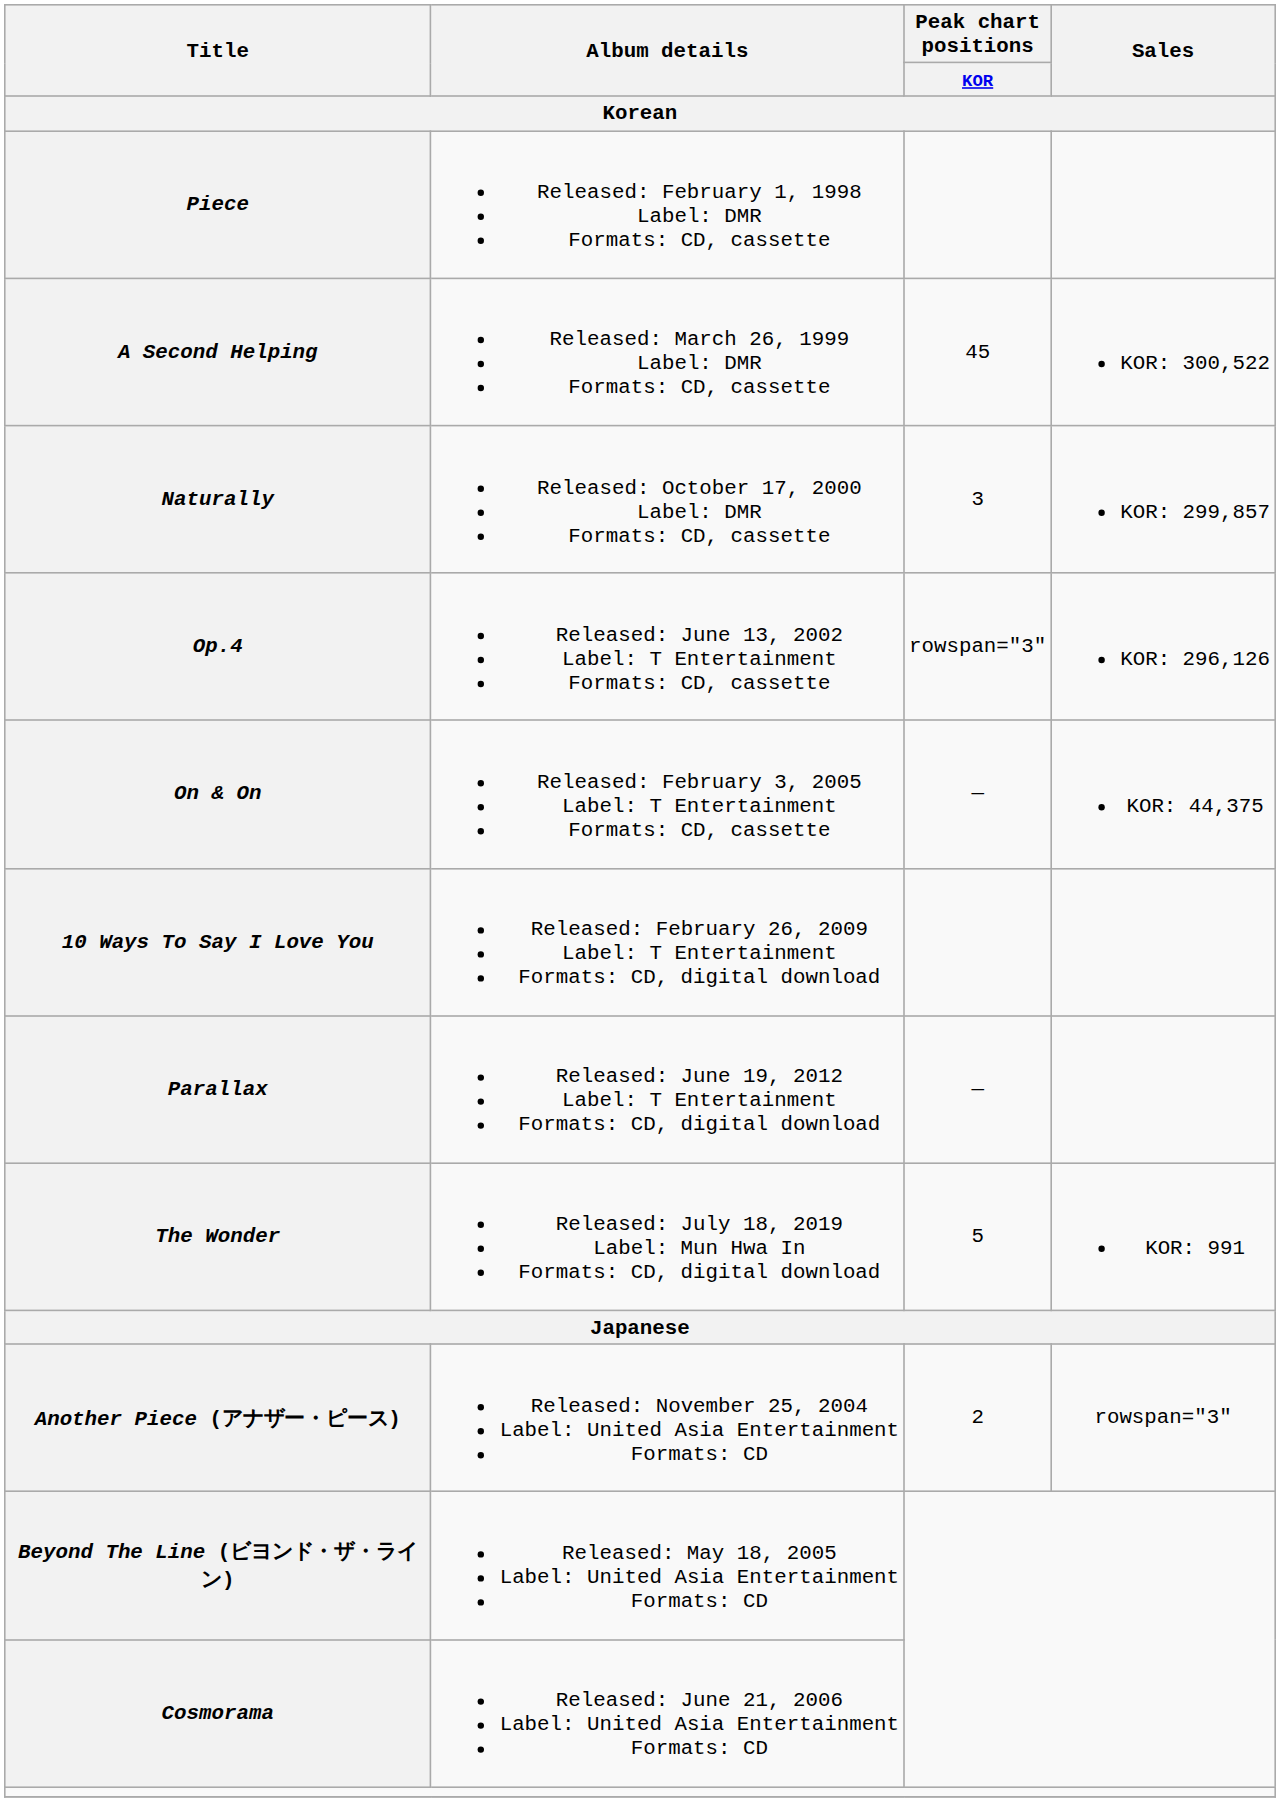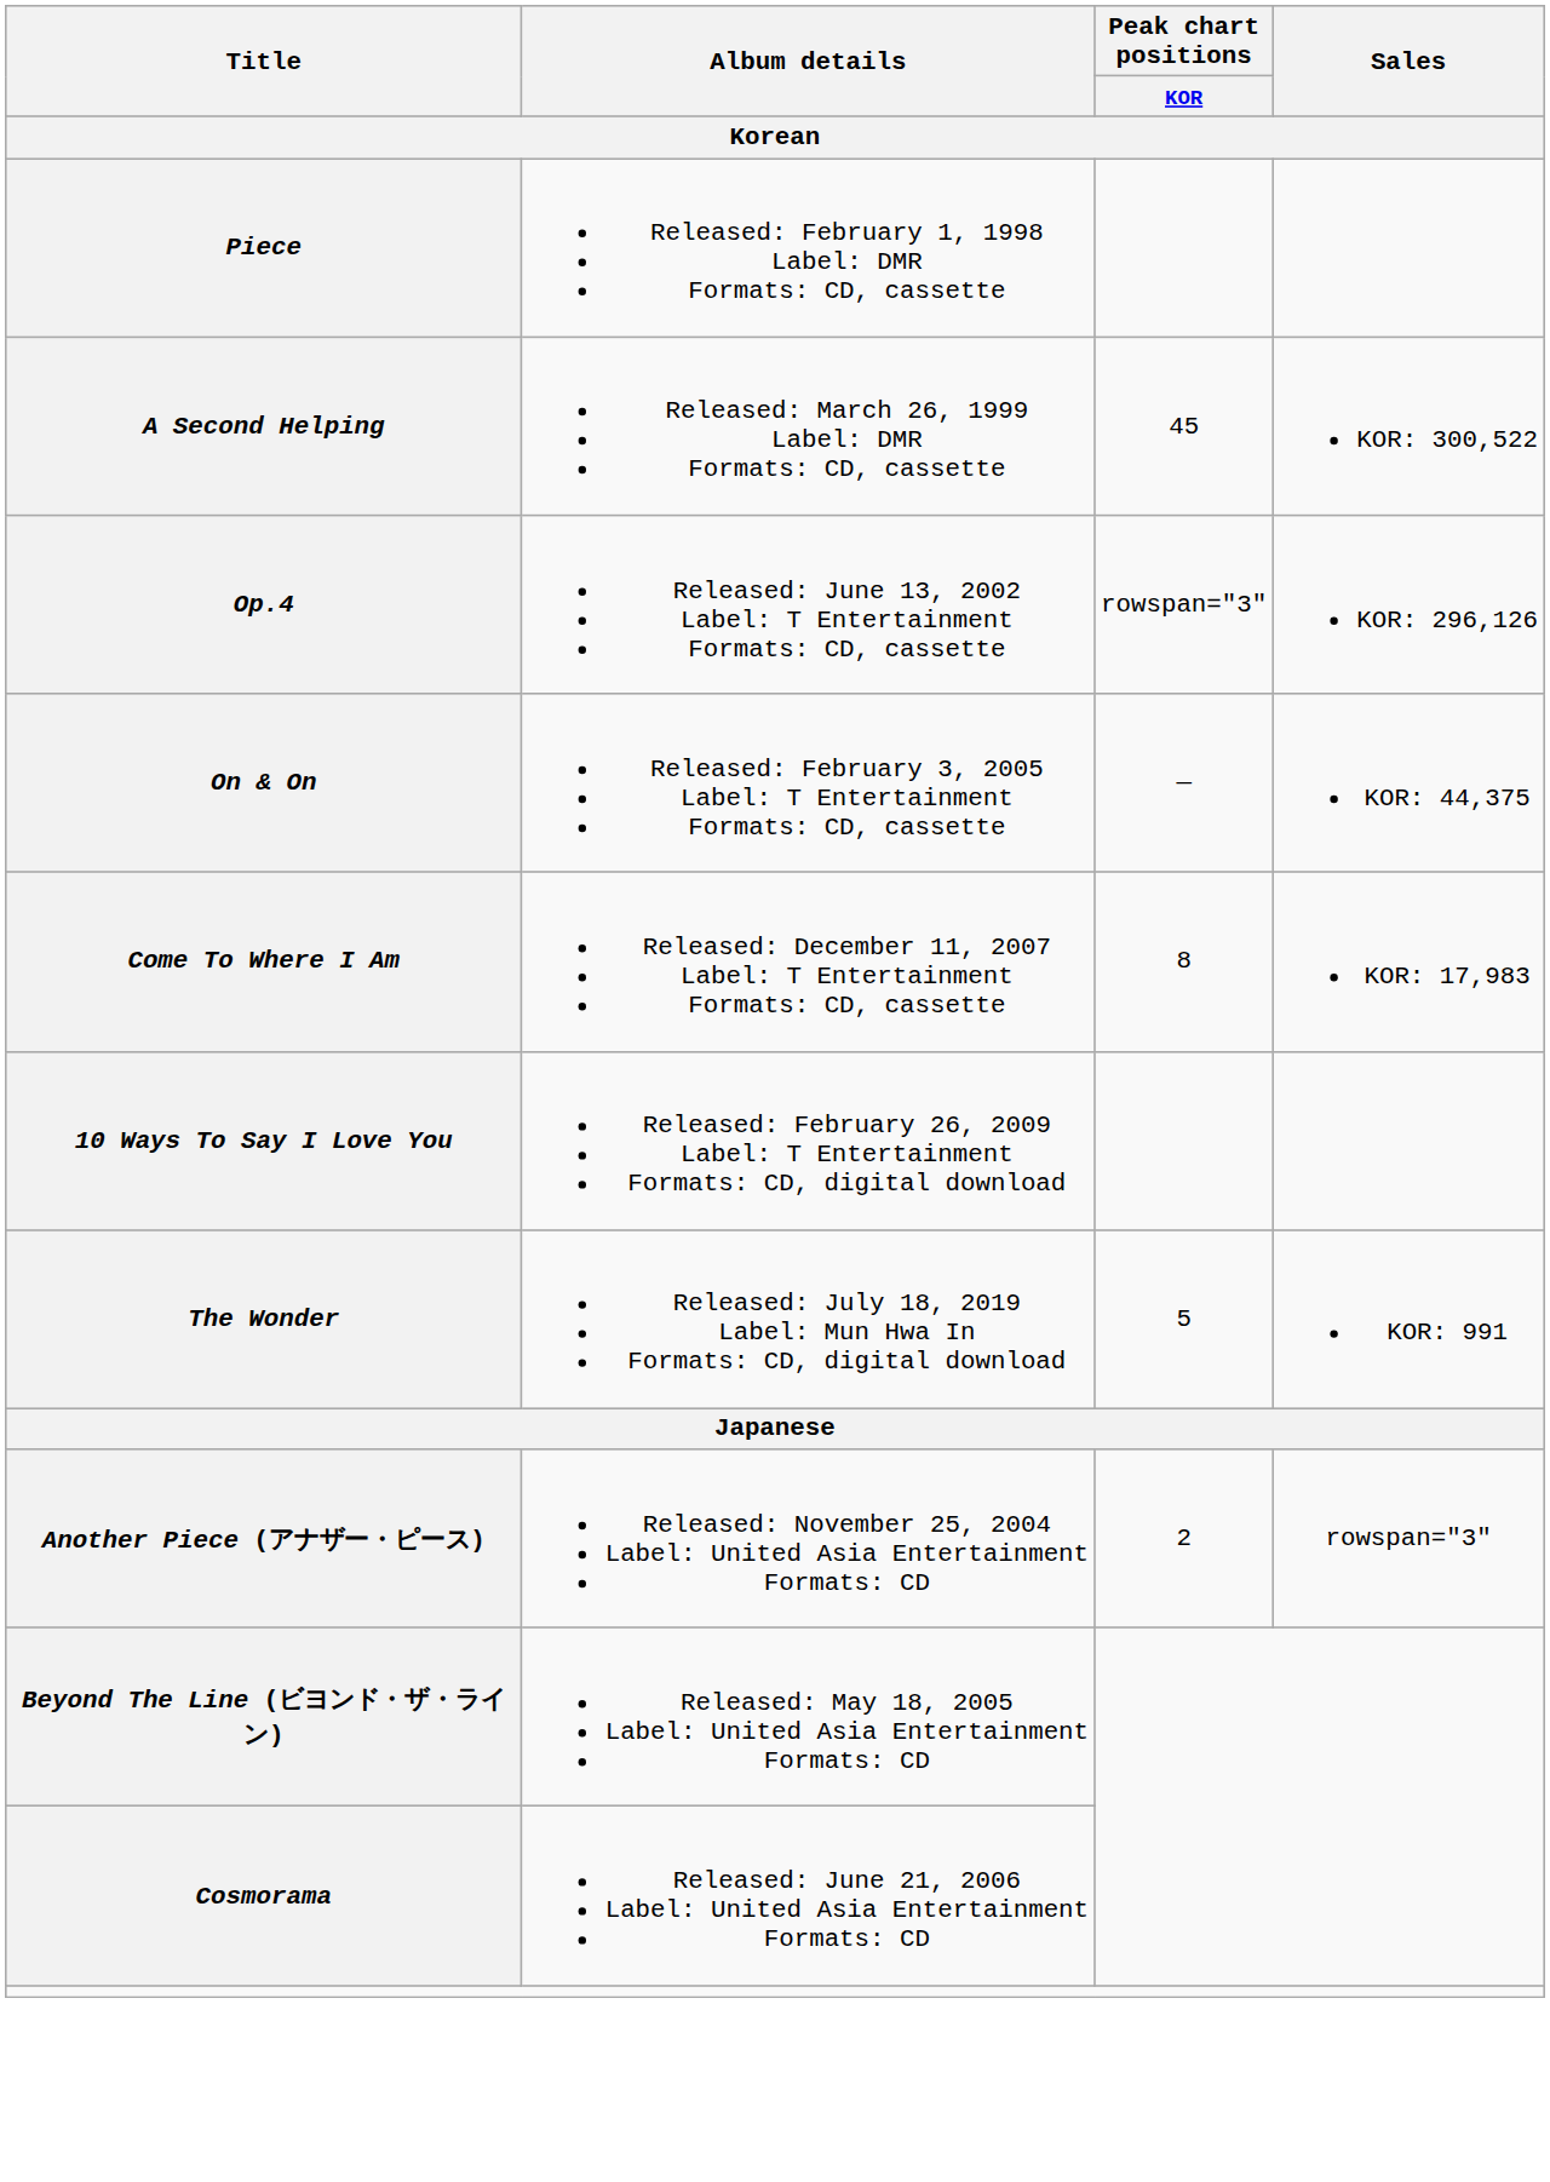 <table class="wikitable plainrowheaders" style="text-align:center;">
 <tr>
 <th scope="col" rowspan="2" style="width:20em;">Title</th>
 <th scope="col" rowspan="2">Album details</th>
 <th scope="col" colspan="1" style="width:5em;">Peak chart positions</th>
 <th scope="col" rowspan="2">Sales</th>
 </tr>
 <tr>
 <th><small><a href='#'>KOR</a></small><br></th>
 </tr>
 <tr>
 <th colspan="4">Korean</th>
 </tr>
 <tr>
 <th scope="row"><em>Piece</em></th>
 <td><br><ul><li>Released: February 1, 1998</li><li>Label: DMR</li><li>Formats: CD, cassette</li></ul></td>
 <td></td>
 <td></td>
 </tr>
 <tr>
 <th scope="row"><em>A Second Helping</em></th>
 <td><br><ul><li>Released: March 26, 1999</li><li>Label: DMR</li><li>Formats: CD, cassette</li></ul></td>
 <td>45</td>
 <td><br><ul><li>KOR: 300,522</li></ul></td>
 </tr>
 <tr>
-<th scope="row"><em>Naturally</em></th>
-<td><br><ul><li>Released: October 17, 2000</li><li>Label: DMR</li><li>Formats: CD, cassette</li></ul></td>
-<td>3</td>
-<td><br><ul><li>KOR: 299,857</li></ul></td>
-</tr>
-<tr>
 <th scope="row"><em>Op.4</em></th>
 <td><br><ul><li>Released: June 13, 2002</li><li>Label: T Entertainment</li><li>Formats: CD, cassette</li></ul></td>
 <td>rowspan="3" </td>
 <td><br><ul><li>KOR: 296,126</li></ul></td>
 </tr>
 <tr>
 <th scope="row"><em>On & On</em></th>
 <td><br><ul><li>Released: February 3, 2005</li><li>Label: T Entertainment</li><li>Formats: CD, cassette</li></ul></td>
 <td>—</td>
 <td><br><ul><li>KOR: 44,375</li></ul></td>
 </tr>
 <tr>
+<th scope="row"><em>Come To Where I Am</em></th>
+<td><br><ul><li>Released: December 11, 2007</li><li>Label: T Entertainment</li><li>Formats: CD, cassette</li></ul></td>
+<td>8</td>
+<td><br><ul><li>KOR: 17,983</li></ul></td>
+</tr>
+<tr>
 <th scope="row"><em>10 Ways To Say I Love You</em></th>
 <td><br><ul><li>Released: February 26, 2009</li><li>Label: T Entertainment</li><li>Formats: CD, digital download</li></ul></td>
 <td></td>
-<td></td>
-</tr>
-<tr>
-<th scope="row"><em>Parallax</em></th>
-<td><br><ul><li>Released: June 19, 2012</li><li>Label: T Entertainment</li><li>Formats: CD, digital download</li></ul></td>
-<td>—</td>
 <td></td>
 </tr>
 <tr>
 <th scope="row"><em>The Wonder</em></th>
 <td><br><ul><li>Released: July 18, 2019</li><li>Label: Mun Hwa In</li><li>Formats: CD, digital download</li></ul></td>
 <td>5</td>
 <td><br><ul><li>KOR: 991</li></ul></td>
 </tr>
 <tr>
 <th colspan="4">Japanese</th>
 </tr>
 <tr>
 <th scope="row"><em>Another Piece</em> (アナザー・ピース)</th>
 <td><br><ul><li>Released: November 25, 2004</li><li>Label: United Asia Entertainment</li><li>Formats: CD</li></ul></td>
 <td>2</td>
 <td>rowspan="3" </td>
 </tr>
 <tr>
 <th scope="row"><em>Beyond The Line</em> (ビヨンド・ザ・ライン)</th>
 <td><br><ul><li>Released: May 18, 2005</li><li>Label: United Asia Entertainment</li><li>Formats: CD</li></ul></td>
 </tr>
 <tr>
 <th scope="row"><em>Cosmorama</em></th>
 <td><br><ul><li>Released: June 21, 2006</li><li>Label: United Asia Entertainment</li><li>Formats: CD</li></ul></td>
 </tr>
 <tr>
 <td colspan="4"></td>
 </tr>
 <tr>
 </tr>
 </table>
